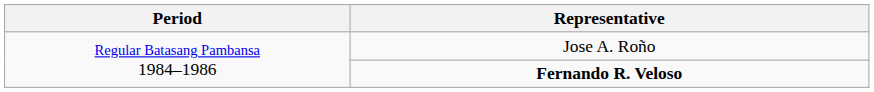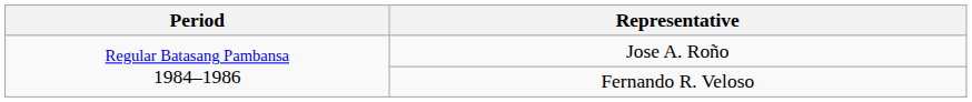 <table class="wikitable" style="text-align:center; width:40%;">
 <tr>
 <th width="40%">Period</th>
 <th>Representative</th>
 </tr>
 <tr>
 <td rowspan="2"><small><a href='#'>Regular Batasang Pambansa</a></small><br>1984–1986</td>
 <td>Jose A. Roño</td>
 </tr>
 <tr>
-<td><strong>Fernando R. Veloso</strong></td>
+<td>Fernando R. Veloso</td>
 </tr>
 </table>
